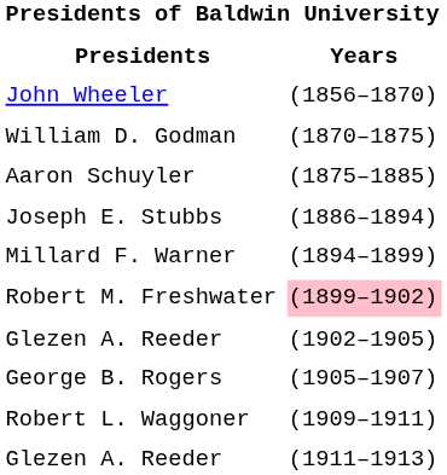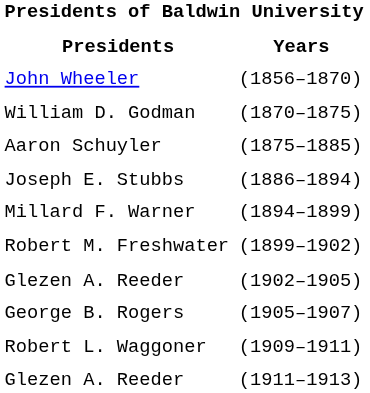 <table class="nowrap toccolours"  style="float:right; margin-left:1em; font-size:80%; line-height:1.4em;" id="Presidents Baldwin University">
 <tr>
 <th colspan="4" style="text-align:center; color:Black;"><strong>Presidents of Baldwin University</strong></th>
 </tr>
 <tr>
 <td style="text-align:center;"><strong>Presidents</strong></td>
 <td style="text-align:center;"><strong>Years</strong></td>
 </tr>
 <tr>
 <td><a href='#'>John Wheeler</a></td>
 <td>(1856–1870)</td>
 </tr>
 <tr>
 <td>William D. Godman</td>
 <td>(1870–1875)</td>
 </tr>
 <tr>
 <td>Aaron Schuyler</td>
 <td>(1875–1885)</td>
 </tr>
 <tr>
 <td>Joseph E. Stubbs</td>
 <td>(1886–1894)</td>
 </tr>
 <tr>
 <td>Millard F. Warner</td>
 <td>(1894–1899)</td>
 </tr>
 <tr>
 <td>Robert M. Freshwater</td>
-<td style="background: pink;">(1899–1902)</td>
+<td>(1899–1902)</td>
 </tr>
 <tr>
 <td>Glezen A. Reeder</td>
 <td>(1902–1905)</td>
 </tr>
 <tr>
 <td>George B. Rogers</td>
 <td>(1905–1907)</td>
 </tr>
 <tr>
 <td>Robert L. Waggoner</td>
 <td>(1909–1911)</td>
 </tr>
 <tr>
 <td>Glezen A. Reeder</td>
 <td>(1911–1913)</td>
 </tr>
 </table>
